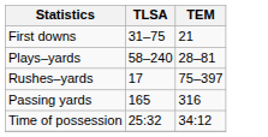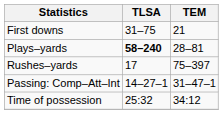 <table class="wikitable" style="float: left;">
 <tr>
 <th>Statistics</th>
 <th>TLSA</th>
 <th>TEM</th>
 </tr>
 <tr>
 <td>First downs</td>
 <td>31–75</td>
 <td>21</td>
 </tr>
 <tr>
 <td>Plays–yards</td>
-<td>58–240</td>
+<td><strong>58–240</strong></td>
 <td>28–81</td>
 </tr>
 <tr>
 <td>Rushes–yards</td>
 <td>17</td>
 <td>75–397</td>
 </tr>
 <tr>
-<td>Passing yards</td>
-<td>165</td>
-<td>316</td>
+<td>Passing: Comp–Att–Int</td>
+<td>14–27–1</td>
+<td>31–47–1</td>
 </tr>
 <tr>
 <td>Time of possession</td>
 <td>25:32</td>
 <td>34:12</td>
 </tr>
 <tr>
 </tr>
 </table>
